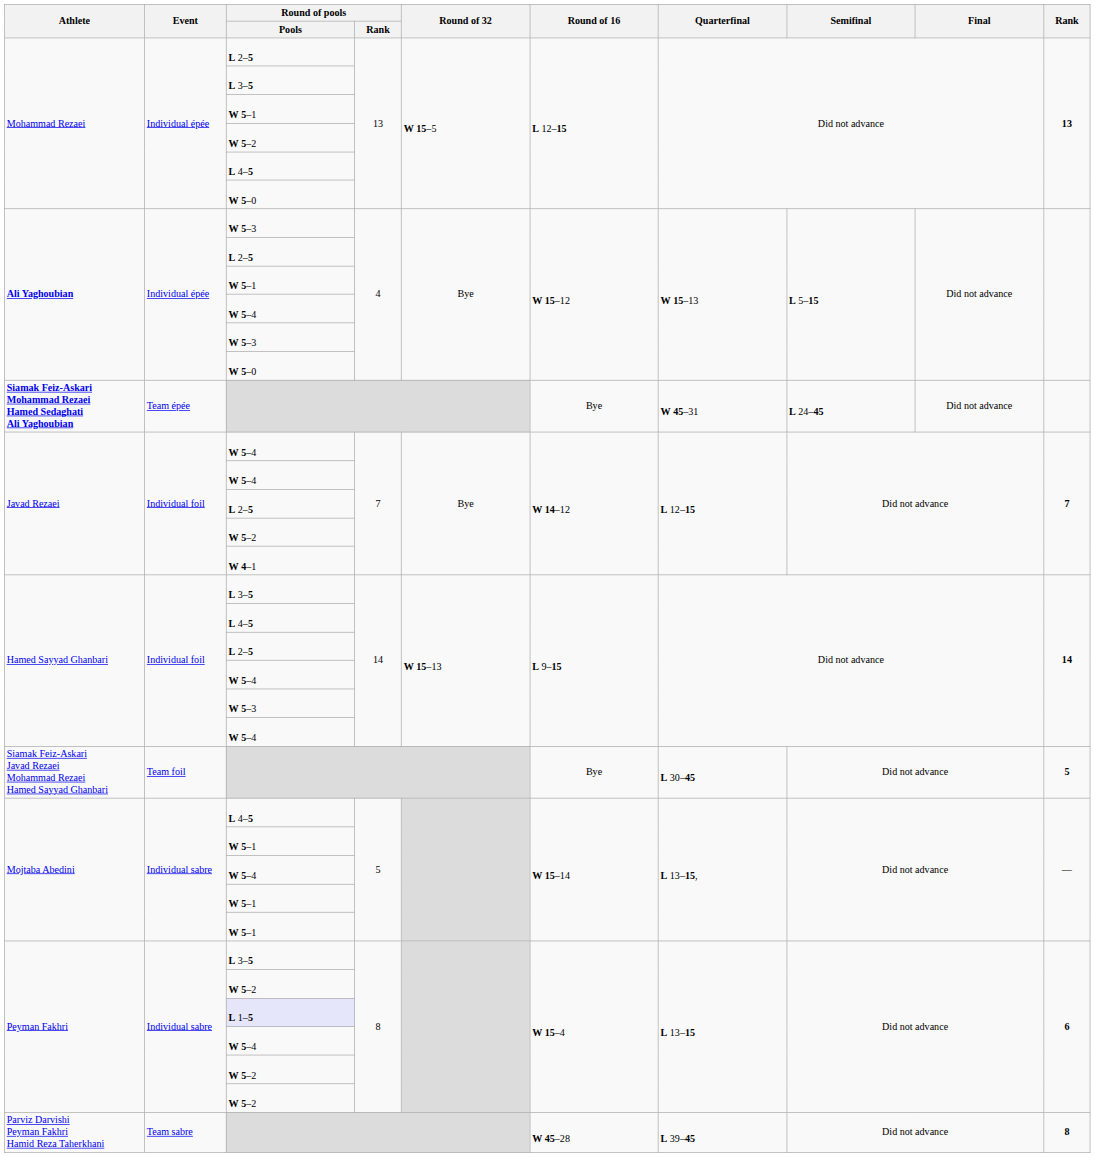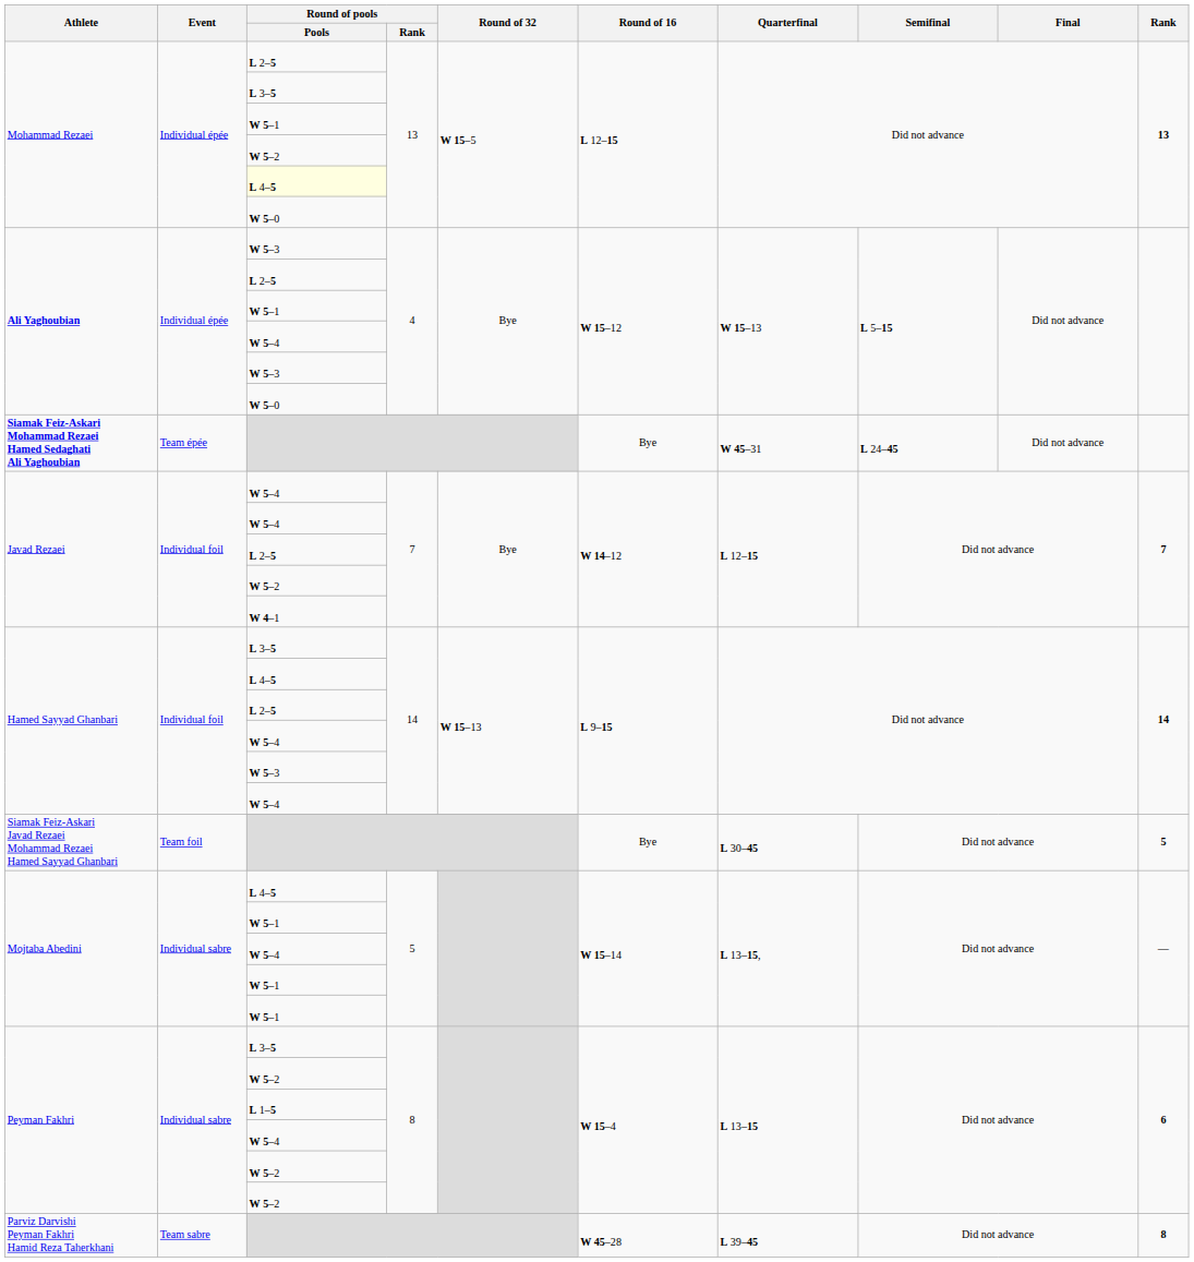 <table class="wikitable" width="98%" style="text-align:left; font-size:90%">
 <tr>
 <th rowspan="2" width="12%">Athlete</th>
 <th rowspan="2" width="7%">Event</th>
 <th colspan="2">Round of pools</th>
 <th rowspan="2" width="11%">Round of 32</th>
 <th rowspan="2" width="11%">Round of 16</th>
 <th rowspan="2" width="11%">Quarterfinal</th>
 <th rowspan="2" width="11%">Semifinal</th>
 <th rowspan="2" width="11%">Final</th>
 <th rowspan="2" width="4%">Rank</th>
 </tr>
 <tr>
 <th width="11%">Pools</th>
 <th width="4%">Rank</th>
 </tr>
 <tr>
 <td rowspan="6"><a href='#'>Mohammad Rezaei</a></td>
 <td rowspan="6"><a href='#'>Individual épée</a></td>
 <td><br><strong>L</strong> 2–<strong>5</strong></td>
 <td rowspan="6" align=center>13 <strong></strong></td>
 <td rowspan="6"><br><strong>W</strong> <strong>15</strong>–5</td>
 <td rowspan="6"><br><strong>L</strong> 12–<strong>15</strong></td>
 <td rowspan="6" colspan="3" align="center">Did not advance</td>
 <td rowspan="6" align="center"><strong>13</strong></td>
 </tr>
 <tr>
 <td><br><strong>L</strong> 3–<strong>5</strong></td>
 </tr>
 <tr>
 <td><br><strong>W</strong> <strong>5</strong>–1</td>
 </tr>
 <tr>
 <td><br><strong>W</strong> <strong>5</strong>–2</td>
 </tr>
 <tr>
-<td><br><strong>L</strong> 4–<strong>5</strong></td>
+<td style="background: lightyellow;"><br><strong>L</strong> 4–<strong>5</strong></td>
 </tr>
 <tr>
 <td><br><strong>W</strong> <strong>5</strong>–0</td>
 </tr>
 <tr>
 <td rowspan="6"><strong><a href='#'>Ali Yaghoubian</a></strong></td>
 <td rowspan="6"><a href='#'>Individual épée</a></td>
 <td><br><strong>W</strong> <strong>5</strong>–3</td>
 <td rowspan="6" align=center>4 <strong></strong></td>
 <td rowspan="6" align=center>Bye</td>
 <td rowspan="6"><br><strong>W</strong> <strong>15</strong>–12</td>
 <td rowspan="6"><br><strong>W</strong> <strong>15</strong>–13</td>
 <td rowspan="6"><br><strong>L</strong> 5–<strong>15</strong></td>
 <td rowspan="6" align="center">Did not advance</td>
 <td rowspan="6" align="center"></td>
 </tr>
 <tr>
 <td><br><strong>L</strong> 2–<strong>5</strong></td>
 </tr>
 <tr>
 <td><br><strong>W</strong> <strong>5</strong>–1</td>
 </tr>
 <tr>
 <td><br><strong>W</strong> <strong>5</strong>–4</td>
 </tr>
 <tr>
 <td><br><strong>W</strong> <strong>5</strong>–3</td>
 </tr>
 <tr>
 <td><br><strong>W</strong> <strong>5</strong>–0</td>
 </tr>
 <tr>
 <td><strong><a href='#'>Siamak Feiz-Askari</a><br><a href='#'>Mohammad Rezaei</a><br><a href='#'>Hamed Sedaghati</a><br><a href='#'>Ali Yaghoubian</a></strong></td>
 <td><a href='#'>Team épée</a></td>
 <td colspan=3 bgcolor=#DCDCDC></td>
 <td align=center>Bye</td>
 <td><br><strong>W</strong> <strong>45</strong>–31</td>
 <td><br><strong>L</strong> 24–<strong>45</strong></td>
 <td align=center>Did not advance</td>
 <td align="center"></td>
 </tr>
 <tr>
 <td rowspan="5"><a href='#'>Javad Rezaei</a></td>
 <td rowspan="5"><a href='#'>Individual foil</a></td>
 <td><br><strong>W</strong> <strong>5</strong>–4</td>
 <td rowspan="5" align=center>7 <strong></strong></td>
 <td rowspan="5" align=center>Bye</td>
 <td rowspan="5"><br><strong>W</strong> <strong>14</strong>–12</td>
 <td rowspan="5"><br><strong>L</strong> 12–<strong>15</strong></td>
 <td rowspan="5" colspan="2" align="center">Did not advance</td>
 <td rowspan="5" align="center"><strong>7</strong></td>
 </tr>
 <tr>
 <td><br><strong>W</strong> <strong>5</strong>–4</td>
 </tr>
 <tr>
 <td><br><strong>L</strong> 2–<strong>5</strong></td>
 </tr>
 <tr>
 <td><br><strong>W</strong> <strong>5</strong>–2</td>
 </tr>
 <tr>
 <td><br><strong>W</strong> <strong>4</strong>–1</td>
 </tr>
 <tr>
 <td rowspan="6"><a href='#'>Hamed Sayyad Ghanbari</a></td>
 <td rowspan="6"><a href='#'>Individual foil</a></td>
 <td><br><strong>L</strong> 3–<strong>5</strong></td>
 <td rowspan="6" align=center>14 <strong></strong></td>
 <td rowspan="6"><br><strong>W</strong> <strong>15</strong>–13</td>
 <td rowspan="6"><br><strong>L</strong> 9–<strong>15</strong></td>
 <td rowspan="6" colspan="3" align="center">Did not advance</td>
 <td rowspan="6" align="center"><strong>14</strong></td>
 </tr>
 <tr>
 <td><br><strong>L</strong> 4–<strong>5</strong></td>
 </tr>
 <tr>
 <td><br><strong>L</strong> 2–<strong>5</strong></td>
 </tr>
 <tr>
 <td><br><strong>W</strong> <strong>5</strong>–4</td>
 </tr>
 <tr>
 <td><br><strong>W</strong> <strong>5</strong>–3</td>
 </tr>
 <tr>
 <td><br><strong>W</strong> <strong>5</strong>–4</td>
 </tr>
 <tr>
 <td><a href='#'>Siamak Feiz-Askari</a><br><a href='#'>Javad Rezaei</a><br><a href='#'>Mohammad Rezaei</a><br><a href='#'>Hamed Sayyad Ghanbari</a></td>
 <td><a href='#'>Team foil</a></td>
 <td colspan=3 bgcolor=#DCDCDC></td>
 <td align=center>Bye</td>
 <td><br><strong>L</strong> 30–<strong>45</strong></td>
 <td colspan=2 align=center>Did not advance</td>
 <td align="center"><strong>5</strong></td>
 </tr>
 <tr>
 <td rowspan="5"><a href='#'>Mojtaba Abedini</a></td>
 <td rowspan="5"><a href='#'>Individual sabre</a></td>
 <td><br><strong>L</strong> 4–<strong>5</strong></td>
 <td rowspan="5" align=center>5 <strong></strong></td>
 <td rowspan="5" bgcolor=#DCDCDC></td>
 <td rowspan="5"><br><strong>W</strong> <strong>15</strong>–14</td>
 <td rowspan="5"><br><strong>L</strong> 13–<strong>15</strong>, </td>
 <td rowspan="5" colspan="2" align="center">Did not advance</td>
 <td rowspan="5" align="center"><strong>—</strong></td>
 </tr>
 <tr>
 <td><br><strong>W</strong> <strong>5</strong>–1</td>
 </tr>
 <tr>
 <td><br><strong>W</strong> <strong>5</strong>–4</td>
 </tr>
 <tr>
 <td><br><strong>W</strong> <strong>5</strong>–1</td>
 </tr>
 <tr>
 <td><br><strong>W</strong> <strong>5</strong>–1</td>
 </tr>
 <tr>
 <td rowspan="6"><a href='#'>Peyman Fakhri</a></td>
 <td rowspan="6"><a href='#'>Individual sabre</a></td>
 <td><br><strong>L</strong> 3–<strong>5</strong></td>
 <td rowspan="6" align=center>8 <strong></strong></td>
 <td rowspan="6" bgcolor=#DCDCDC></td>
 <td rowspan="6"><br><strong>W</strong> <strong>15</strong>–4</td>
 <td rowspan="6"><br><strong>L</strong> 13–<strong>15</strong></td>
 <td rowspan="6" colspan="2" align="center">Did not advance</td>
 <td rowspan="6" align="center"><strong>6</strong></td>
 </tr>
 <tr>
 <td><br><strong>W</strong> <strong>5</strong>–2</td>
 </tr>
 <tr>
-<td style="background: lavender;"><br><strong>L</strong> 1–<strong>5</strong></td>
+<td><br><strong>L</strong> 1–<strong>5</strong></td>
 </tr>
 <tr>
 <td><br><strong>W</strong> <strong>5</strong>–4</td>
 </tr>
 <tr>
 <td><br><strong>W</strong> <strong>5</strong>–2</td>
 </tr>
 <tr>
 <td><br><strong>W</strong> <strong>5</strong>–2</td>
 </tr>
 <tr>
 <td><a href='#'>Parviz Darvishi</a><br><a href='#'>Peyman Fakhri</a><br><a href='#'>Hamid Reza Taherkhani</a></td>
 <td><a href='#'>Team sabre</a></td>
 <td colspan=3 bgcolor=#DCDCDC></td>
 <td><br><strong>W</strong> <strong>45</strong>–28</td>
 <td><br><strong>L</strong> 39–<strong>45</strong></td>
 <td colspan=2 align=center>Did not advance</td>
 <td align="center"><strong>8</strong></td>
 </tr>
 </table>
